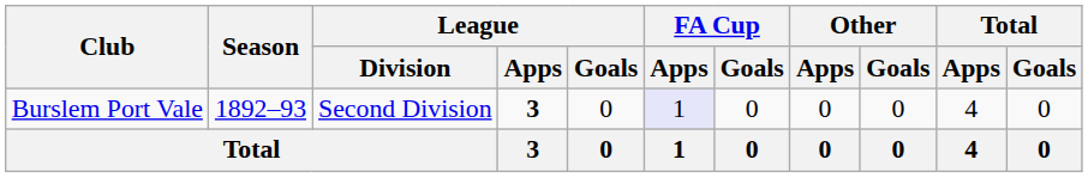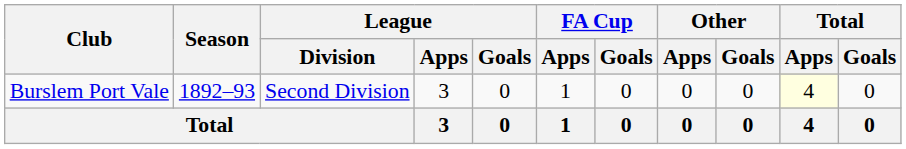 <table class="wikitable" style="text-align:center">
 <tr>
 <th rowspan="2">Club</th>
 <th rowspan="2">Season</th>
 <th colspan="3">League</th>
 <th colspan="2"><a href='#'>FA Cup</a></th>
 <th colspan="2">Other</th>
 <th colspan="2">Total</th>
 </tr>
 <tr>
 <th>Division</th>
 <th>Apps</th>
 <th>Goals</th>
 <th>Apps</th>
 <th>Goals</th>
 <th>Apps</th>
 <th>Goals</th>
 <th>Apps</th>
 <th>Goals</th>
 </tr>
 <tr>
 <td><a href='#'>Burslem Port Vale</a></td>
 <td><a href='#'>1892–93</a></td>
 <td><a href='#'>Second Division</a></td>
-<td><strong>3</strong></td>
+<td>3</td>
 <td>0</td>
-<td style="background: lavender;">1</td>
+<td>1</td>
 <td>0</td>
 <td>0</td>
 <td>0</td>
-<td>4</td>
+<td style="background: lightyellow;">4</td>
 <td>0</td>
 </tr>
 <tr>
 <th colspan="3">Total</th>
 <th>3</th>
 <th>0</th>
 <th>1</th>
 <th>0</th>
 <th>0</th>
 <th>0</th>
 <th>4</th>
 <th>0</th>
 </tr>
 </table>
